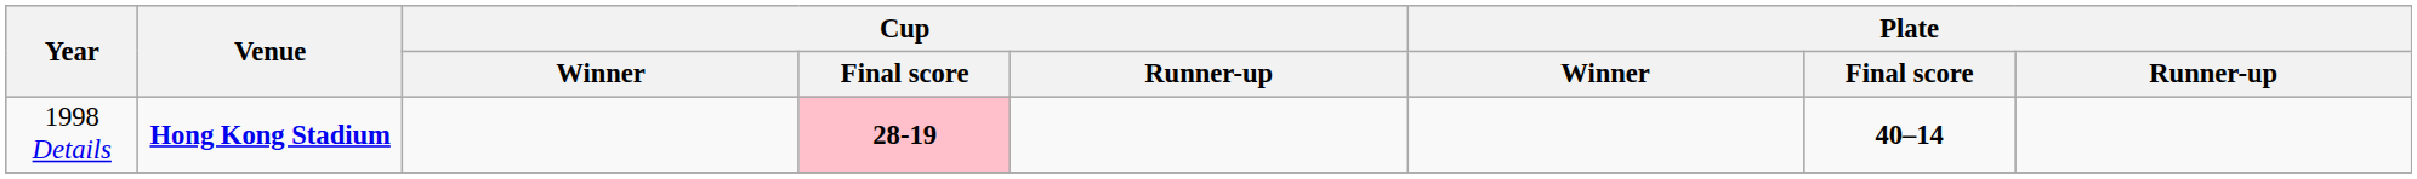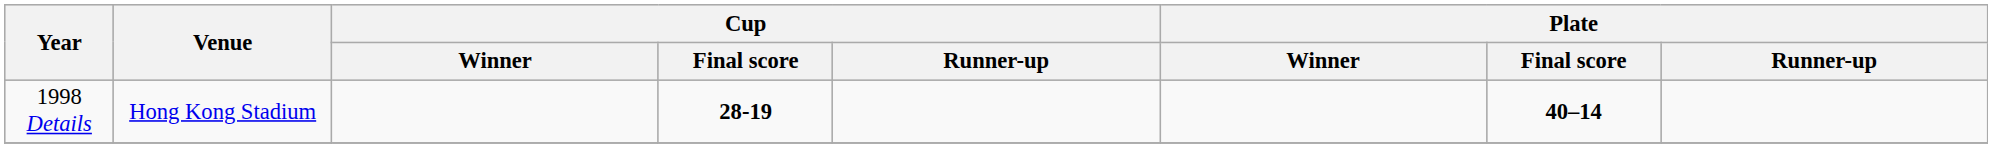 <table class="wikitable" style="font-size:90%; width: 100%; text-align: center;">
 <tr>
 <th rowspan=2 width=5%>Year</th>
 <th rowspan=2 width=10%>Venue</th>
 <th colspan=3>Cup</th>
 <th colspan=3>Plate</th>
 </tr>
 <tr>
 <th width=15%>Winner</th>
 <th width=8%>Final score</th>
 <th width=15%>Runner-up</th>
 <th width=15%>Winner</th>
 <th width=8%>Final score</th>
 <th width=15%>Runner-up</th>
 </tr>
 <tr>
 <td>1998<br> <em><a href='#'>Details</a></em></td>
-<td><strong><a href='#'>Hong Kong Stadium</a></strong></td>
+<td><a href='#'>Hong Kong Stadium</a></td>
 <td><strong></strong></td>
-<td style="background: pink;"><strong>28-19</strong></td>
+<td><strong>28-19</strong></td>
 <td></td>
 <td></td>
 <td><strong>40–14</strong></td>
 <td></td>
 </tr>
 <tr>
 </tr>
 </table>
